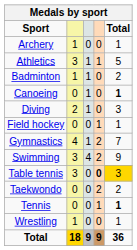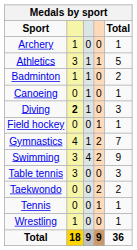 <table class="wikitable" style="font-size:85%; float:right;">
 <tr style="background:#efefef;">
 <th colspan=7>Medals by sport</th>
 </tr>
 <tr align=center>
 <td><strong>Sport</strong></td>
 <td style="background:#f7f6a8;"></td>
 <td style="background:#dce5e5;"></td>
 <td style="background:#ffdab9;"></td>
 <td><strong>Total</strong></td>
 </tr>
 <tr align=center>
 <td><a href='#'>Archery</a></td>
 <td style="background:#f7f6a8;">1</td>
 <td style="background:#dce5e5;">0</td>
 <td style="background:#ffdab9;">0</td>
 <td>1</td>
 </tr>
 <tr align=center>
 <td><a href='#'>Athletics</a></td>
 <td style="background:#f7f6a8;">3</td>
 <td style="background:#dce5e5;">1</td>
 <td style="background:#ffdab9;">1</td>
 <td>5</td>
 </tr>
 <tr align=center>
 <td><a href='#'>Badminton</a></td>
 <td style="background:#f7f6a8;">1</td>
 <td style="background:#dce5e5;">1</td>
 <td style="background:#ffdab9;">0</td>
 <td>2</td>
 </tr>
 <tr align=center>
 <td><a href='#'>Canoeing</a></td>
 <td style="background:#f7f6a8;">0</td>
 <td style="background:#dce5e5;">1</td>
 <td style="background:#ffdab9;">0</td>
-<td><strong>1</strong></td>
+<td>1</td>
 </tr>
 <tr align=center>
 <td><a href='#'>Diving</a></td>
-<td style="background:#f7f6a8;">2</td>
+<td style="background:#f7f6a8;"><strong>2</strong></td>
 <td style="background:#dce5e5;">1</td>
 <td style="background:#ffdab9;">0</td>
 <td>3</td>
 </tr>
 <tr align=center>
 <td><a href='#'>Field hockey</a></td>
 <td style="background:#f7f6a8;">0</td>
 <td style="background:#dce5e5;">0</td>
 <td style="background:#ffdab9;">1</td>
 <td>1</td>
 </tr>
 <tr align=center>
 <td><a href='#'>Gymnastics</a></td>
 <td style="background:#f7f6a8;">4</td>
 <td style="background:#dce5e5;">1</td>
 <td style="background:#ffdab9;">2</td>
 <td>7</td>
 </tr>
 <tr align=center>
 <td><a href='#'>Swimming</a></td>
 <td style="background:#f7f6a8;">3</td>
 <td style="background:#dce5e5;">4</td>
 <td style="background:#ffdab9;">2</td>
 <td>9</td>
 </tr>
 <tr align=center>
 <td><a href='#'>Table tennis</a></td>
 <td style="background:#f7f6a8;">3</td>
 <td style="background:#dce5e5;">0</td>
-<td style="background:#ffdab9;"><strong>0</strong></td>
-<td style="background: gold;">3</td>
+<td style="background:#ffdab9;">0</td>
+<td>3</td>
 </tr>
 <tr align=center>
 <td><a href='#'>Taekwondo</a></td>
 <td style="background:#f7f6a8;">0</td>
 <td style="background:#dce5e5;">0</td>
 <td style="background:#ffdab9;">2</td>
 <td>2</td>
 </tr>
 <tr align=center>
 <td><a href='#'>Tennis</a></td>
 <td style="background:#f7f6a8;">0</td>
 <td style="background:#dce5e5;">0</td>
 <td style="background:#ffdab9;">1</td>
-<td><strong>1</strong></td>
+<td>1</td>
 </tr>
 <tr align=center>
 <td><a href='#'>Wrestling</a></td>
 <td style="background:#f7f6a8;">1</td>
 <td style="background:#dce5e5;">0</td>
 <td style="background:#ffdab9;">0</td>
 <td>1</td>
 </tr>
 <tr align=center>
 <td><strong>Total</strong></td>
 <td style="background:gold;"><strong>18</strong></td>
 <td style="background:silver;"><strong>9</strong></td>
 <td style="background:#c96;"><strong>9</strong></td>
 <td><strong>36</strong></td>
 </tr>
 </table>
